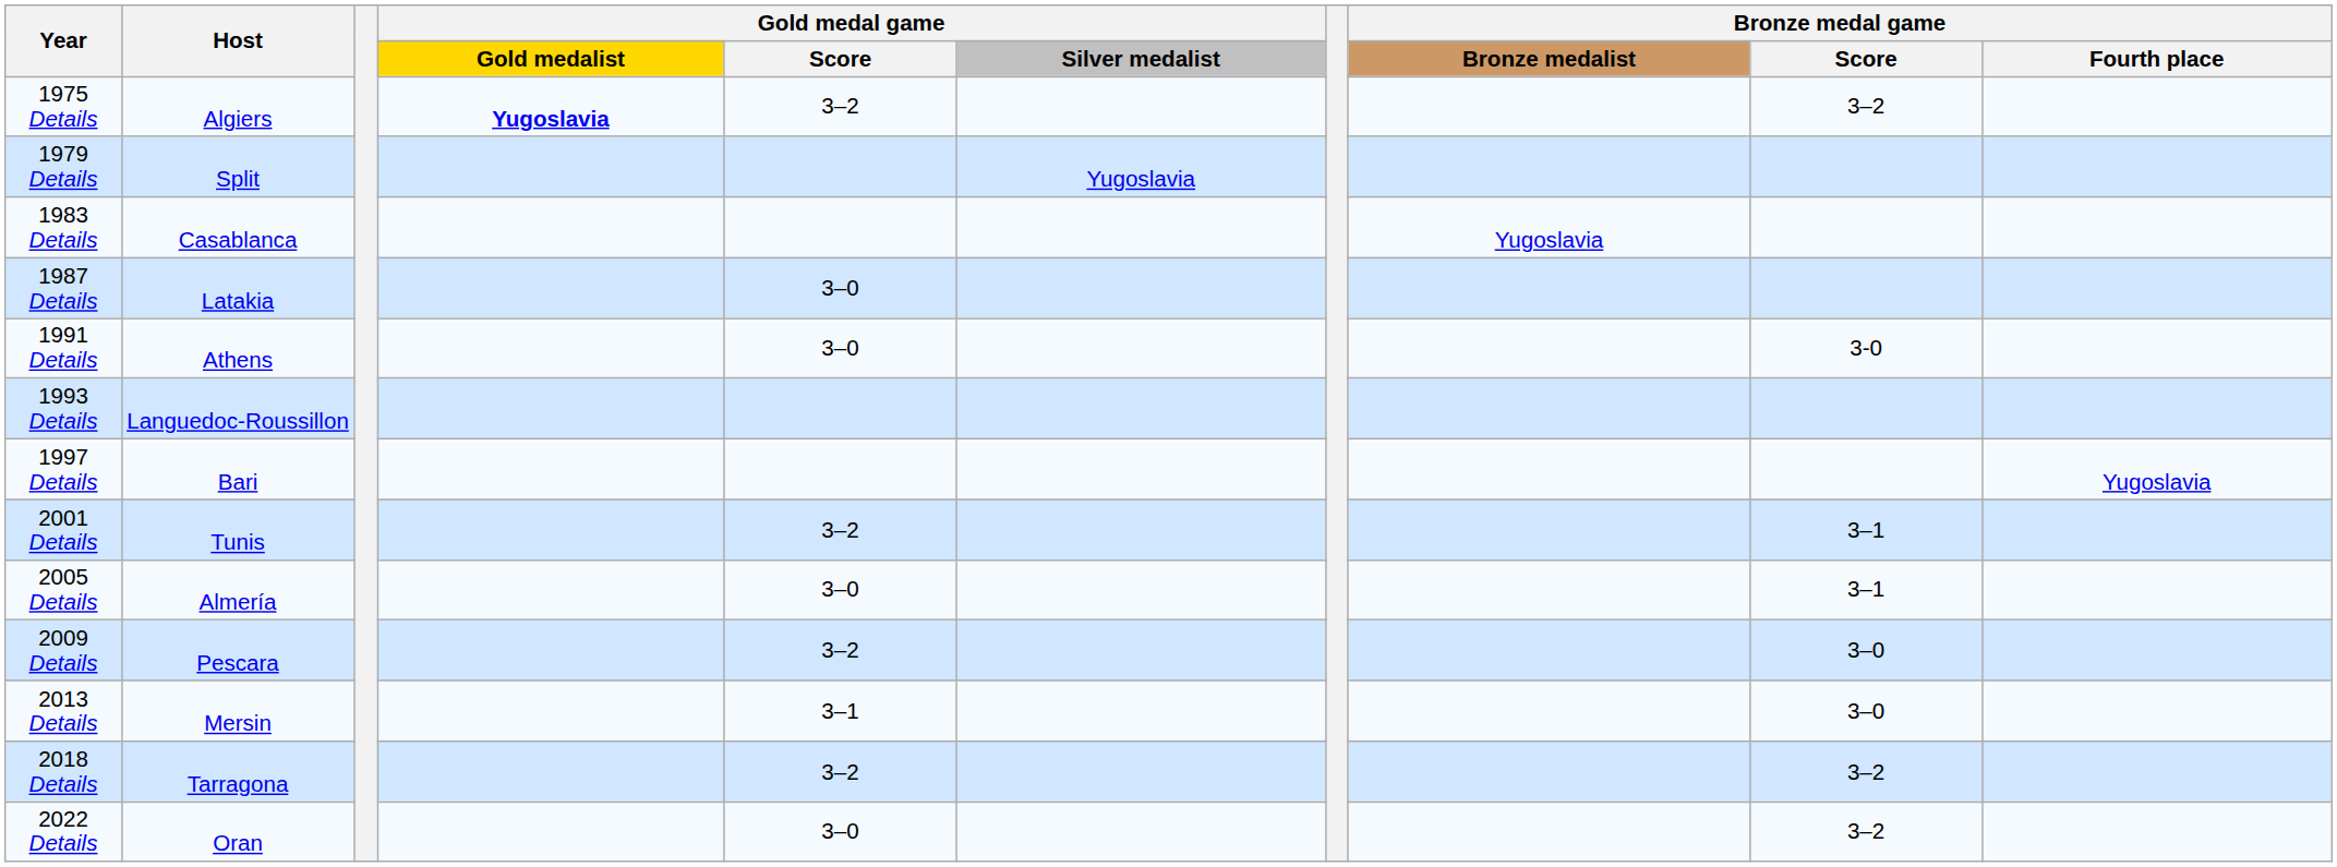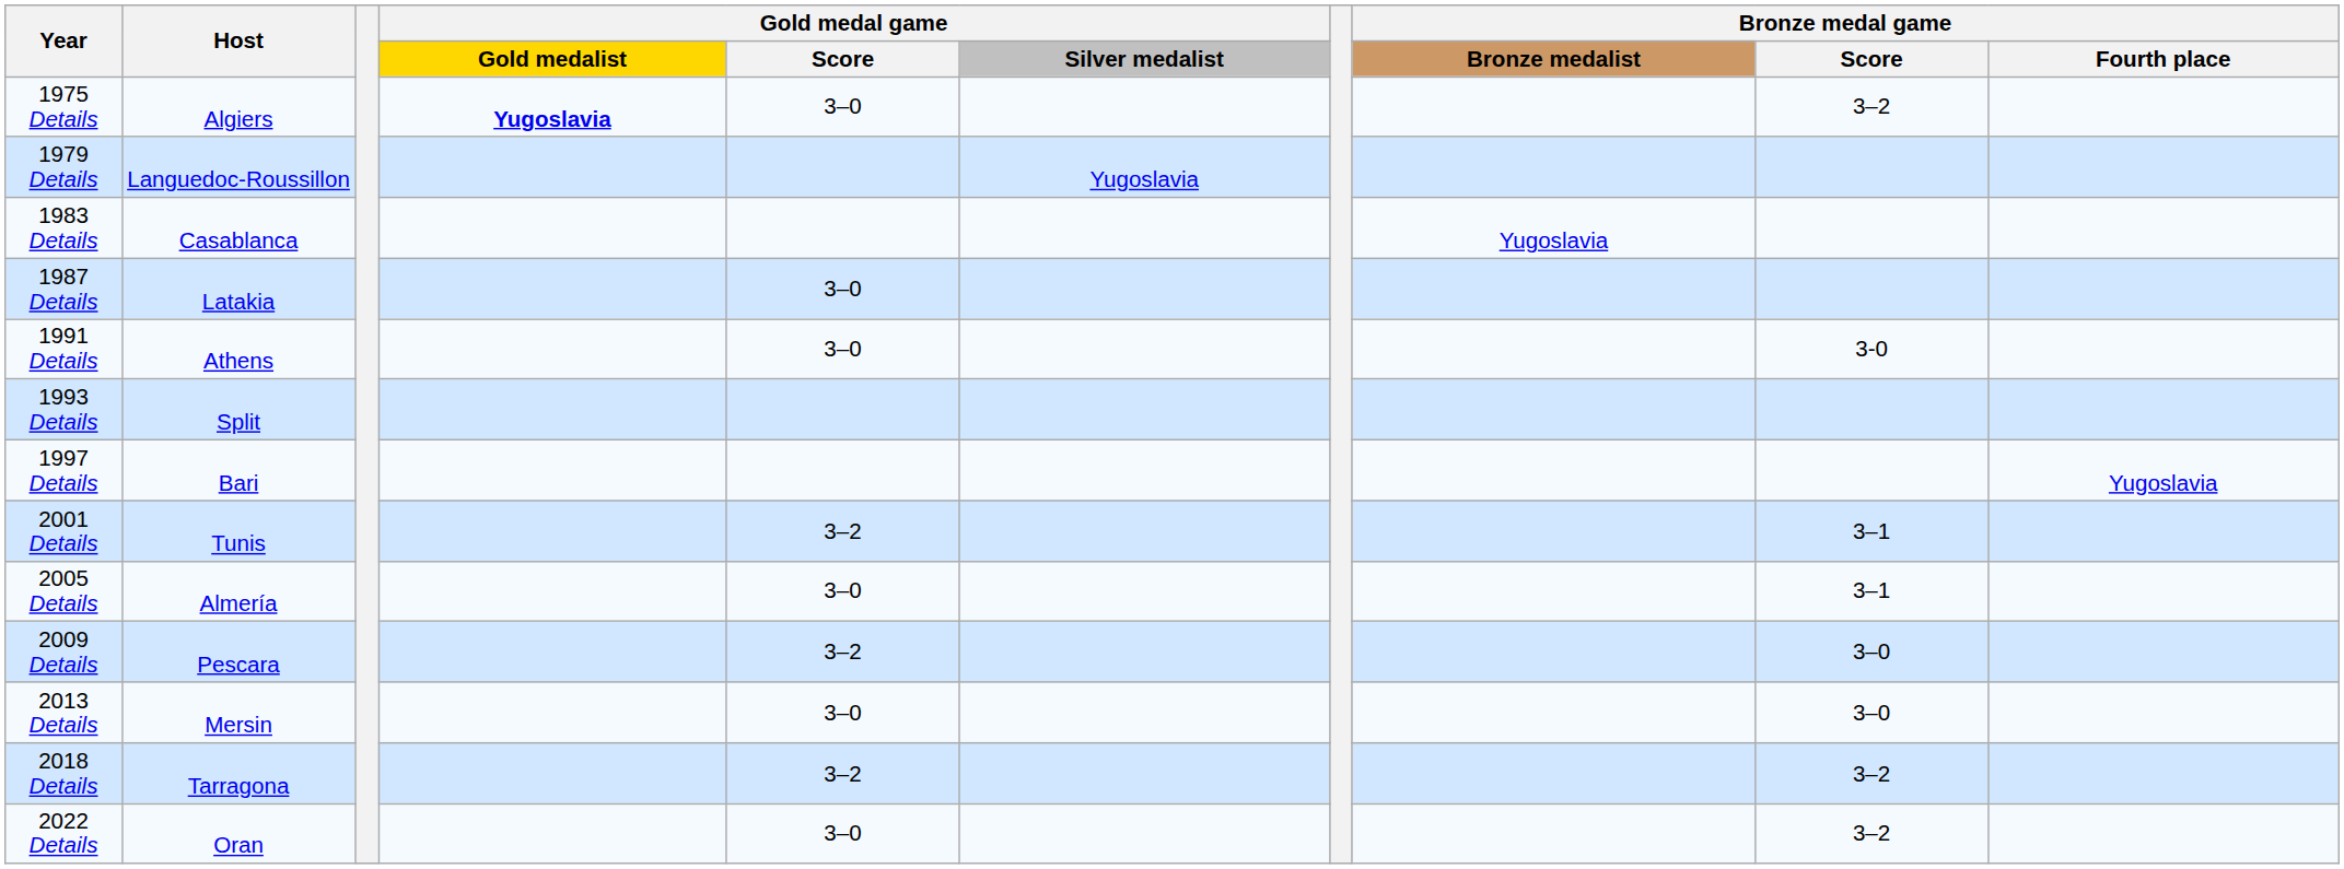 <table class=wikitable style="text-align:center; font-size:90%;">
 <tr bgcolor=#C1D8FF>
 <th rowspan=2 width=5%>Year</th>
 <th rowspan=2 width=10%>Host</th>
 <th width=1% rowspan=15 bgcolor=ffffff></th>
 <th colspan=3>Gold medal game</th>
 <th width=1% rowspan=15 bgcolor=ffffff></th>
 <th colspan=3>Bronze medal game</th>
 </tr>
 <tr bgcolor=#EFEFEF>
 <th style="background:gold; width=15%"> Gold medalist</th>
 <th width=10%>Score</th>
 <th style="background:silver; width=15%"> Silver medalist</th>
 <th style="background:#cc9966; width=15%"> Bronze medalist</th>
 <th width=10%>Score</th>
 <th width=15%>Fourth place</th>
 </tr>
 <tr bgcolor=#F5FAFF>
 <td>1975<br><em><a href='#'>Details</a></em></td>
 <td> <br><a href='#'>Algiers</a></td>
 <td> <br> <strong><a href='#'>Yugoslavia</a></strong></td>
-<td>3–2</td>
+<td>3–0</td>
 <td></td>
 <td></td>
 <td>3–2</td>
 <td></td>
 </tr>
 <tr bgcolor=#D0E7FF>
 <td>1979<br><em><a href='#'>Details</a></em></td>
-<td> <br><a href='#'>Split</a></td>
+<td> <br><a href='#'>Languedoc-Roussillon</a></td>
 <td><strong></strong></td>
 <td></td>
 <td> <br> <a href='#'>Yugoslavia</a></td>
 <td></td>
 <td></td>
 <td></td>
 </tr>
 <tr bgcolor=#F5FAFF>
 <td>1983<br><em><a href='#'>Details</a></em></td>
 <td> <br><a href='#'>Casablanca</a></td>
 <td><strong></strong></td>
 <td></td>
 <td></td>
 <td> <br> <a href='#'>Yugoslavia</a></td>
 <td></td>
 <td></td>
 </tr>
 <tr bgcolor=#D0E7FF>
 <td>1987<br><em><a href='#'>Details</a></em></td>
 <td> <br><a href='#'>Latakia</a></td>
 <td><strong></strong></td>
 <td>3–0</td>
 <td></td>
 <td></td>
 <td></td>
 <td></td>
 </tr>
 <tr bgcolor=#F5FAFF>
 <td>1991<br><em><a href='#'>Details</a></em></td>
 <td> <br><a href='#'>Athens</a></td>
 <td><strong></strong></td>
 <td>3–0</td>
 <td></td>
 <td></td>
 <td>3-0</td>
 <td></td>
 </tr>
 <tr bgcolor=#D0E7FF>
 <td>1993<br><em><a href='#'>Details</a></em></td>
-<td> <br><a href='#'>Languedoc-Roussillon</a></td>
+<td> <br><a href='#'>Split</a></td>
 <td><strong></strong></td>
 <td></td>
 <td></td>
 <td></td>
 <td></td>
 <td></td>
 </tr>
 <tr bgcolor=#F5FAFF>
 <td>1997<br><em><a href='#'>Details</a></em></td>
 <td> <br><a href='#'>Bari</a></td>
 <td><strong></strong></td>
 <td></td>
 <td></td>
 <td></td>
 <td></td>
 <td> <br> <a href='#'>Yugoslavia</a></td>
 </tr>
 <tr bgcolor=#D0E7FF>
 <td>2001<br><em><a href='#'>Details</a></em></td>
 <td> <br><a href='#'>Tunis</a></td>
 <td><strong></strong></td>
 <td>3–2</td>
 <td></td>
 <td></td>
 <td>3–1</td>
 <td></td>
 </tr>
 <tr bgcolor=#F5FAFF>
 <td>2005 <br> <em><a href='#'>Details</a></em></td>
 <td> <br><a href='#'>Almería</a></td>
 <td><strong></strong></td>
 <td>3–0</td>
 <td></td>
 <td></td>
 <td>3–1</td>
 <td></td>
 </tr>
 <tr bgcolor=#D0E7FF>
 <td>2009<br><em><a href='#'>Details</a></em></td>
 <td> <br><a href='#'>Pescara</a></td>
 <td><strong></strong></td>
 <td>3–2</td>
 <td></td>
 <td></td>
 <td>3–0</td>
 <td></td>
 </tr>
 <tr bgcolor=#F5FAFF>
 <td>2013<br><em><a href='#'>Details</a></em></td>
 <td> <br><a href='#'>Mersin</a></td>
 <td><strong></strong></td>
-<td>3–1</td>
+<td>3–0</td>
 <td></td>
 <td></td>
 <td>3–0</td>
 <td></td>
 </tr>
 <tr bgcolor=#D0E7FF>
 <td>2018<br><em><a href='#'>Details</a></em></td>
 <td> <br><a href='#'>Tarragona</a></td>
 <td><strong></strong></td>
 <td>3–2</td>
 <td></td>
 <td></td>
 <td>3–2</td>
 <td></td>
 </tr>
 <tr bgcolor=#F5FAFF>
 <td>2022<br><em><a href='#'>Details</a></em></td>
 <td> <br><a href='#'>Oran</a></td>
 <td><strong></strong></td>
 <td>3–0</td>
 <td></td>
 <td></td>
 <td>3–2</td>
 <td></td>
 </tr>
 </table>
